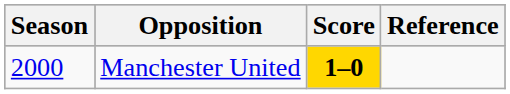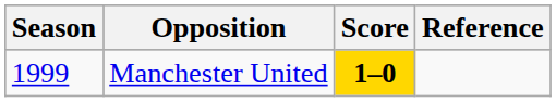 <table class="wikitable">
 <tr>
 <th>Season</th>
 <th>Opposition</th>
 <th>Score</th>
 <th>Reference</th>
 </tr>
 <tr>
-<td><a href='#'>2000</a></td>
+<td><a href='#'>1999</a></td>
 <td> <a href='#'>Manchester United</a></td>
 <td style="text-align:center; background:gold"><strong>1–0</strong></td>
 <td style="text-align:center;"></td>
 </tr>
 </table>
